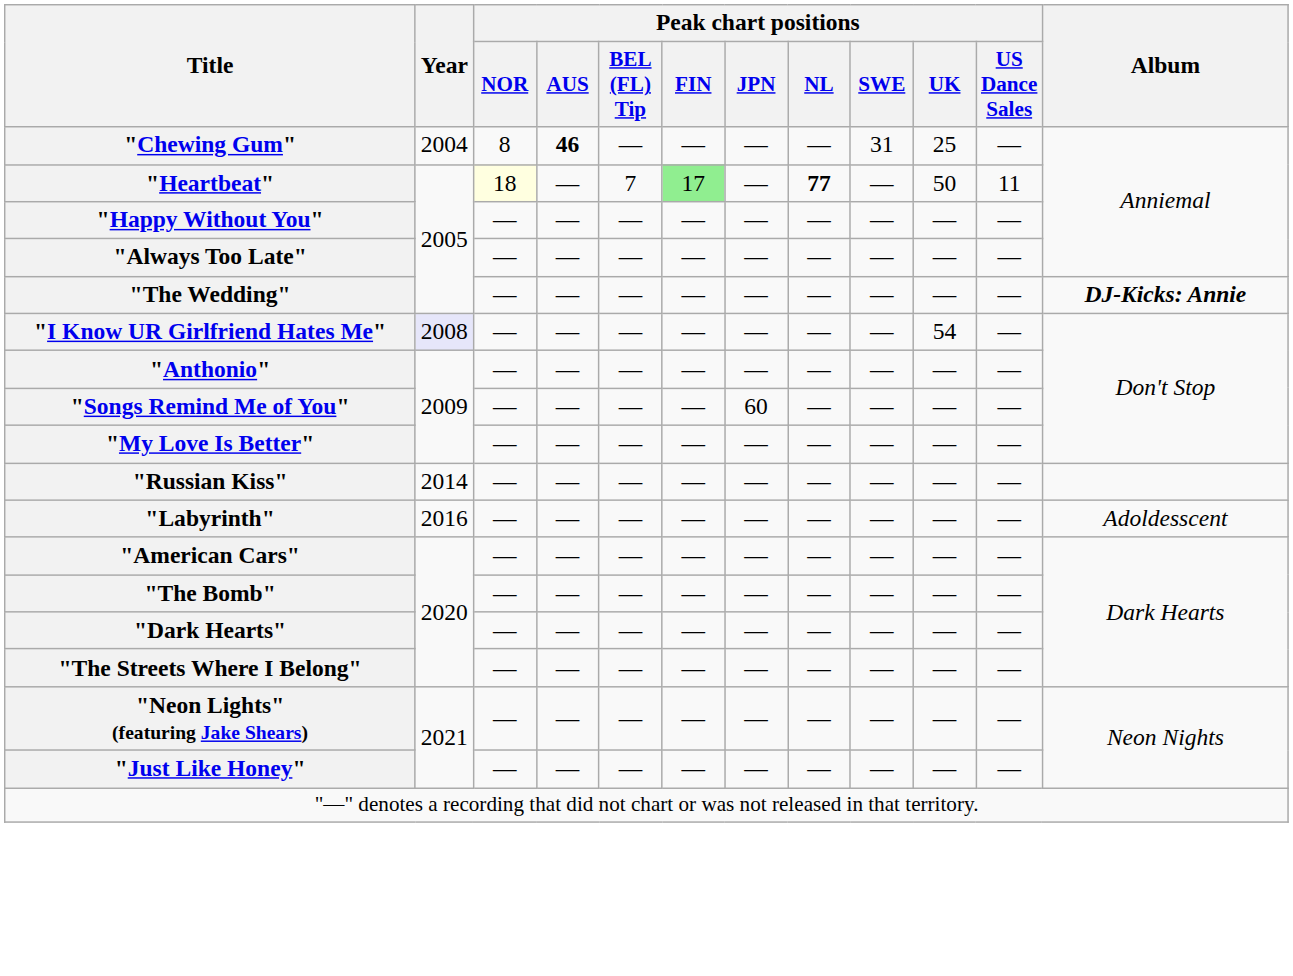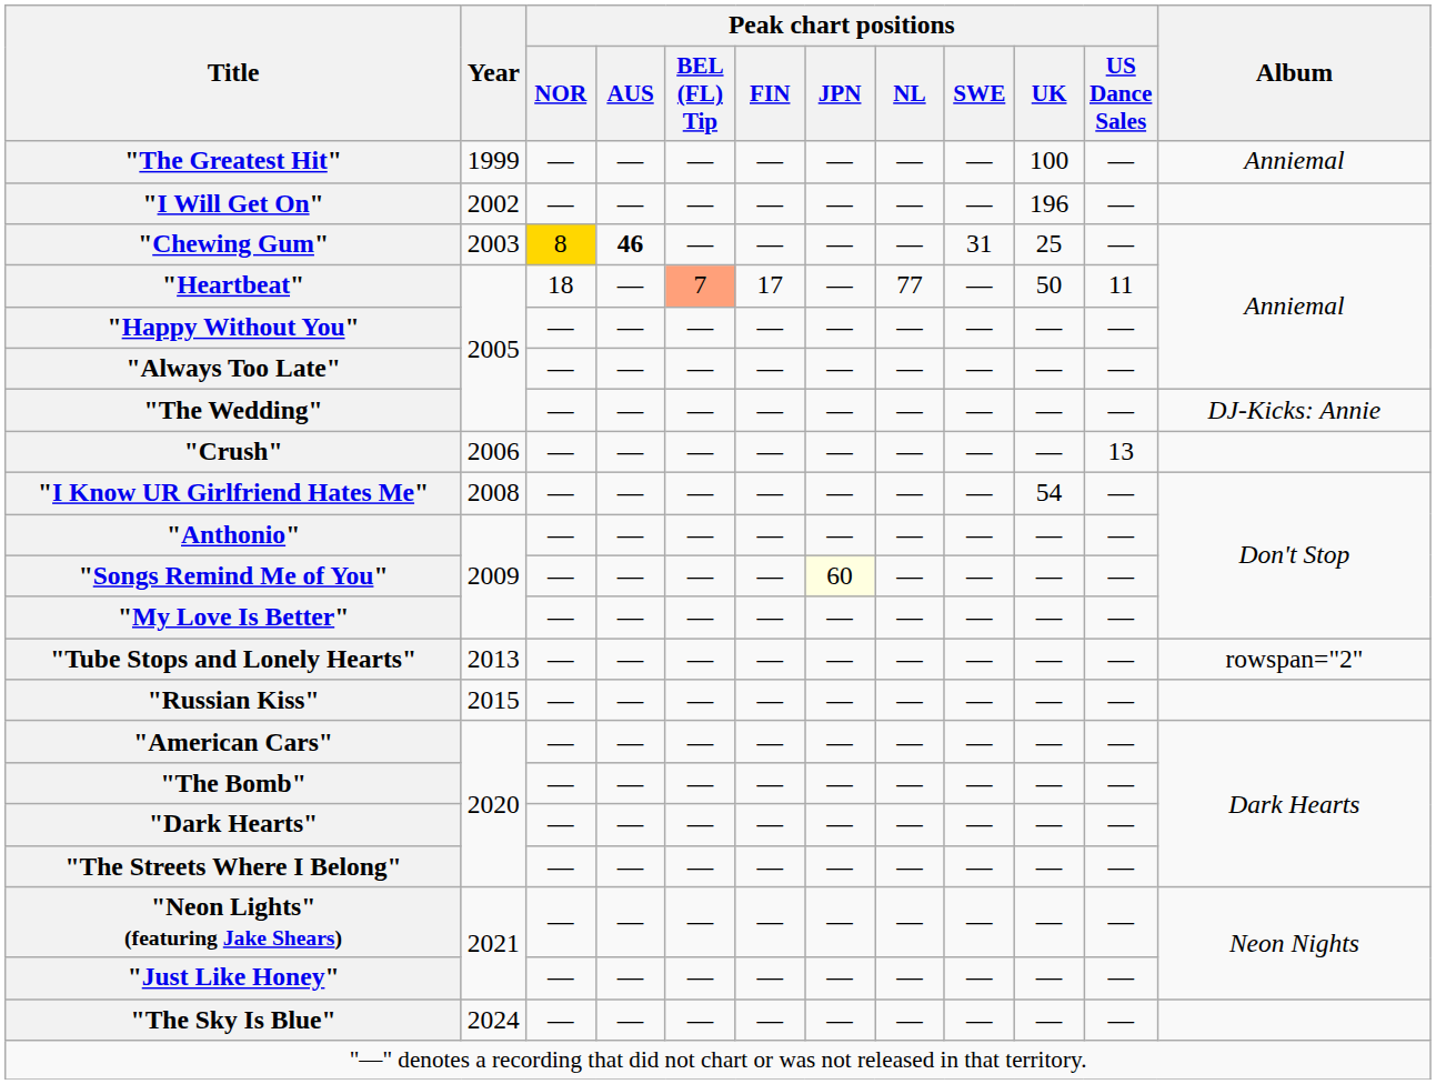 <table class="wikitable plainrowheaders" style="text-align:center;">
 <tr>
 <th scope="col" rowspan="2" style="width:17em;">Title</th>
 <th scope="col" rowspan="2">Year</th>
 <th scope="col" colspan="9">Peak chart positions</th>
 <th scope="col" rowspan="2" style="width:10em;">Album</th>
 </tr>
 <tr>
 <th scope="col" style="width:2.5em;font-size:90%;"><a href='#'>NOR</a><br></th>
 <th scope="col" style="width:2.5em;font-size:90%;"><a href='#'>AUS</a><br></th>
 <th scope="col" style="width:2.5em;font-size:90%;"><a href='#'>BEL<br>(FL)<br>Tip</a><br></th>
 <th scope="col" style="width:2.5em;font-size:90%;"><a href='#'>FIN</a><br></th>
 <th scope="col" style="width:2.5em;font-size:90%;"><a href='#'>JPN</a><br></th>
 <th scope="col" style="width:2.5em;font-size:90%;"><a href='#'>NL</a><br></th>
 <th scope="col" style="width:2.5em;font-size:90%;"><a href='#'>SWE</a><br></th>
 <th scope="col" style="width:2.5em;font-size:90%;"><a href='#'>UK</a><br></th>
 <th scope="col" style="width:2.5em;font-size:90%;"><a href='#'>US<br>Dance<br>Sales</a><br></th>
 </tr>
 <tr>
+<th scope="row">"<a href='#'>The Greatest Hit</a>"</th>
+<td>1999</td>
+<td>—</td>
+<td>—</td>
+<td>—</td>
+<td>—</td>
+<td>—</td>
+<td>—</td>
+<td>—</td>
+<td>100</td>
+<td>—</td>
+<td><em>Anniemal</em></td>
+</tr>
+<tr>
+<th scope="row">"<a href='#'>I Will Get On</a>"</th>
+<td>2002</td>
+<td>—</td>
+<td>—</td>
+<td>—</td>
+<td>—</td>
+<td>—</td>
+<td>—</td>
+<td>—</td>
+<td>196</td>
+<td>—</td>
+<td></td>
+</tr>
+<tr>
 <th scope="row">"<a href='#'>Chewing Gum</a>"</th>
-<td>2004</td>
-<td>8</td>
+<td>2003</td>
+<td style="background: gold;">8</td>
 <td><strong>46</strong></td>
 <td>—</td>
 <td>—</td>
 <td>—</td>
 <td>—</td>
 <td>31</td>
 <td>25</td>
 <td>—</td>
 <td rowspan="4"><em>Anniemal</em></td>
 </tr>
 <tr>
 <th scope="row">"<a href='#'>Heartbeat</a>"</th>
 <td rowspan="4">2005</td>
-<td style="background: lightyellow;">18</td>
+<td>18</td>
 <td>—</td>
-<td>7</td>
-<td style="background: lightgreen;">17</td>
+<td style="background: lightsalmon;">7</td>
+<td>17</td>
 <td>—</td>
-<td><strong>77</strong></td>
+<td>77</td>
 <td>—</td>
 <td>50</td>
 <td>11</td>
 </tr>
 <tr>
 <th scope="row">"<a href='#'>Happy Without You</a>"</th>
 <td>—</td>
 <td>—</td>
 <td>—</td>
 <td>—</td>
 <td>—</td>
 <td>—</td>
 <td>—</td>
 <td>—</td>
 <td>—</td>
 </tr>
 <tr>
 <th scope="row">"Always Too Late"</th>
 <td>—</td>
 <td>—</td>
 <td>—</td>
 <td>—</td>
 <td>—</td>
 <td>—</td>
 <td>—</td>
 <td>—</td>
 <td>—</td>
 </tr>
 <tr>
 <th scope="row">"The Wedding"</th>
 <td>—</td>
 <td>—</td>
 <td>—</td>
 <td>—</td>
 <td>—</td>
 <td>—</td>
 <td>—</td>
 <td>—</td>
 <td>—</td>
-<td><strong><em>DJ-Kicks: Annie</em></strong></td>
+<td><em>DJ-Kicks: Annie</em></td>
+</tr>
+<tr>
+<th scope="row">"Crush"</th>
+<td>2006</td>
+<td>—</td>
+<td>—</td>
+<td>—</td>
+<td>—</td>
+<td>—</td>
+<td>—</td>
+<td>—</td>
+<td>—</td>
+<td>13</td>
+<td></td>
 </tr>
 <tr>
 <th scope="row">"<a href='#'>I Know UR Girlfriend Hates Me</a>"</th>
-<td style="background: lavender;">2008</td>
+<td>2008</td>
 <td>—</td>
 <td>—</td>
 <td>—</td>
 <td>—</td>
 <td>—</td>
 <td>—</td>
 <td>—</td>
 <td>54</td>
 <td>—</td>
 <td rowspan="4"><em>Don't Stop</em></td>
 </tr>
 <tr>
 <th scope="row">"<a href='#'>Anthonio</a>"</th>
 <td rowspan="3">2009</td>
 <td>—</td>
 <td>—</td>
 <td>—</td>
 <td>—</td>
 <td>—</td>
 <td>—</td>
 <td>—</td>
 <td>—</td>
 <td>—</td>
 </tr>
 <tr>
 <th scope="row">"<a href='#'>Songs Remind Me of You</a>"</th>
 <td>—</td>
 <td>—</td>
 <td>—</td>
 <td>—</td>
-<td>60</td>
+<td style="background: lightyellow;">60</td>
 <td>—</td>
 <td>—</td>
 <td>—</td>
 <td>—</td>
 </tr>
 <tr>
 <th scope="row">"<a href='#'>My Love Is Better</a>"</th>
 <td>—</td>
 <td>—</td>
 <td>—</td>
 <td>—</td>
 <td>—</td>
 <td>—</td>
 <td>—</td>
 <td>—</td>
 <td>—</td>
 </tr>
 <tr>
-<th scope="row">"Russian Kiss"<br></th>
-<td>2014</td>
+<th scope="row">"Tube Stops and Lonely Hearts"</th>
+<td>2013</td>
 <td>—</td>
 <td>—</td>
 <td>—</td>
 <td>—</td>
 <td>—</td>
 <td>—</td>
 <td>—</td>
 <td>—</td>
 <td>—</td>
+<td>rowspan="2" </td>
 </tr>
 <tr>
-<th scope="row">"Labyrinth"<br></th>
-<td>2016</td>
+<th scope="row">"Russian Kiss"<br></th>
+<td>2015</td>
 <td>—</td>
 <td>—</td>
 <td>—</td>
 <td>—</td>
 <td>—</td>
 <td>—</td>
 <td>—</td>
 <td>—</td>
 <td>—</td>
-<td><em>Adoldesscent</em></td>
 </tr>
 <tr>
 <th scope="row">"American Cars"</th>
 <td rowspan="4">2020</td>
 <td>—</td>
 <td>—</td>
 <td>—</td>
 <td>—</td>
 <td>—</td>
 <td>—</td>
 <td>—</td>
 <td>—</td>
 <td>—</td>
 <td rowspan="4"><em>Dark Hearts</em></td>
 </tr>
 <tr>
 <th scope="row">"The Bomb"</th>
 <td>—</td>
 <td>—</td>
 <td>—</td>
 <td>—</td>
 <td>—</td>
 <td>—</td>
 <td>—</td>
 <td>—</td>
 <td>—</td>
 </tr>
 <tr>
 <th scope="row">"Dark Hearts"</th>
 <td>—</td>
 <td>—</td>
 <td>—</td>
 <td>—</td>
 <td>—</td>
 <td>—</td>
 <td>—</td>
 <td>—</td>
 <td>—</td>
 </tr>
 <tr>
 <th scope="row">"The Streets Where I Belong"</th>
 <td>—</td>
 <td>—</td>
 <td>—</td>
 <td>—</td>
 <td>—</td>
 <td>—</td>
 <td>—</td>
 <td>—</td>
 <td>—</td>
 </tr>
 <tr>
 <th scope="row">"Neon Lights"<br><small>(featuring <a href='#'>Jake Shears</a>)</small></th>
 <td rowspan="2">2021</td>
 <td>—</td>
 <td>—</td>
 <td>—</td>
 <td>—</td>
 <td>—</td>
 <td>—</td>
 <td>—</td>
 <td>—</td>
 <td>—</td>
 <td rowspan="2"><em>Neon Nights</em></td>
 </tr>
 <tr>
 <th scope="row">"<a href='#'>Just Like Honey</a>"</th>
 <td>—</td>
 <td>—</td>
 <td>—</td>
 <td>—</td>
 <td>—</td>
 <td>—</td>
 <td>—</td>
 <td>—</td>
 <td>—</td>
 </tr>
 <tr>
+<th scope="row">"The Sky Is Blue"</th>
+<td>2024</td>
+<td>—</td>
+<td>—</td>
+<td>—</td>
+<td>—</td>
+<td>—</td>
+<td>—</td>
+<td>—</td>
+<td>—</td>
+<td>—</td>
+<td></td>
+</tr>
+<tr>
 <td colspan="12" style="font-size:90%">"—" denotes a recording that did not chart or was not released in that territory.</td>
 </tr>
 </table>
